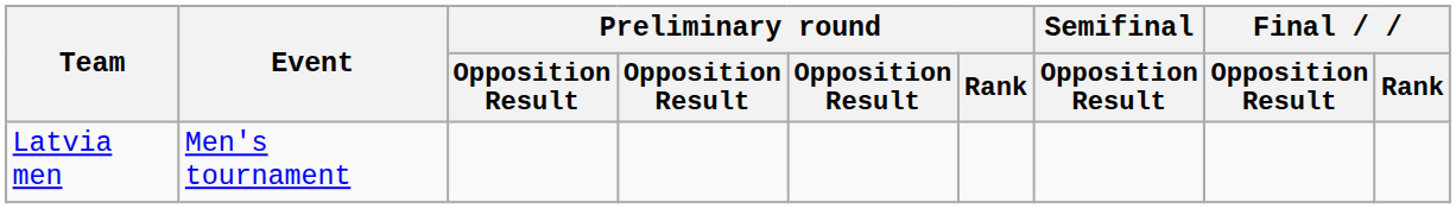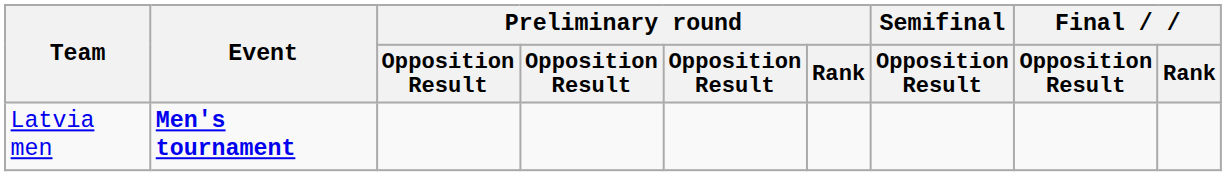 <table class=wikitable style=font-size:90%>
 <tr>
 <th rowspan=2>Team</th>
 <th rowspan=2>Event</th>
 <th colspan=4>Preliminary round</th>
 <th>Semifinal</th>
 <th colspan=2>Final /  / </th>
 </tr>
 <tr style=font-size:95%>
 <th>Opposition<br>Result</th>
 <th>Opposition<br>Result</th>
 <th>Opposition<br>Result</th>
 <th>Rank</th>
 <th>Opposition<br>Result</th>
 <th>Opposition<br>Result</th>
 <th>Rank</th>
 </tr>
 <tr align=center>
 <td align=left><a href='#'>Latvia men</a></td>
-<td align=left><a href='#'>Men's tournament</a></td>
+<td align=left><strong><a href='#'>Men's tournament</a></strong></td>
 <td></td>
 <td></td>
 <td></td>
 <td></td>
 <td></td>
 <td></td>
 <td></td>
 </tr>
 </table>
